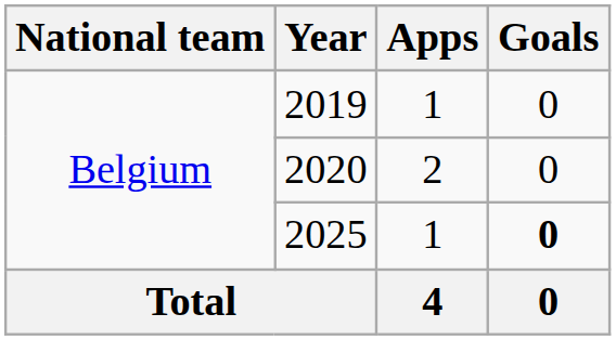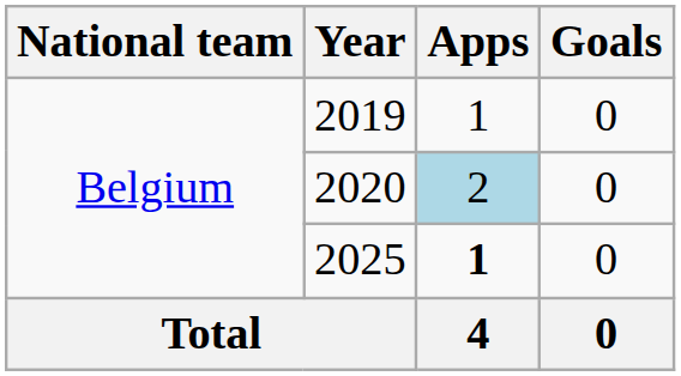 <table class="wikitable" style="text-align:center">
 <tr>
 <th>National team</th>
 <th>Year</th>
 <th>Apps</th>
 <th>Goals</th>
 </tr>
 <tr>
 <td rowspan="3"><a href='#'>Belgium</a></td>
 <td>2019</td>
 <td>1</td>
 <td>0</td>
 </tr>
 <tr>
 <td>2020</td>
-<td>2</td>
+<td style="background: lightblue;">2</td>
 <td>0</td>
 </tr>
 <tr>
 <td>2025</td>
-<td>1</td>
-<td><strong>0</strong></td>
+<td><strong>1</strong></td>
+<td>0</td>
 </tr>
 <tr>
 <th colspan="2">Total</th>
 <th>4</th>
 <th>0</th>
 </tr>
 </table>
